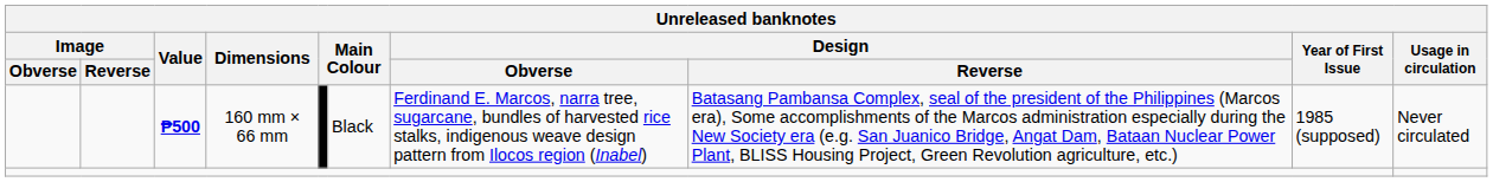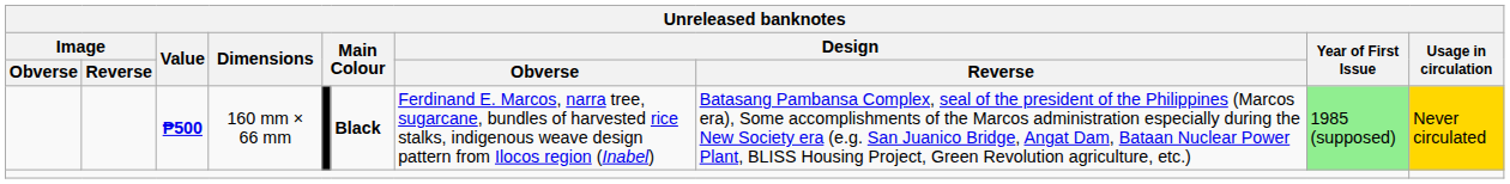 <table class="wikitable" style="margin:auto; font-size:90%;">
 <tr>
 <th colspan="10">Unreleased banknotes</th>
 </tr>
 <tr>
 <th colspan="2">Image</th>
 <th rowspan="2">Value</th>
 <th rowspan="2">Dimensions</th>
 <th colspan="2" rowspan="2">Main Colour</th>
 <th colspan="2">Design</th>
 <th rowspan="2"><small>Year of First Issue</small></th>
 <th rowspan="2"><small>Usage in circulation</small></th>
 </tr>
 <tr>
 <th>Obverse</th>
 <th>Reverse</th>
 <th>Obverse</th>
 <th>Reverse</th>
 </tr>
 <tr style="height:62px">
 <td style="text-align:center;"></td>
 <td style="text-align:center;"></td>
 <td style="text-align:center;"><strong><a href='#'>₱500</a></strong><span></span></td>
 <td style="text-align:center;">160 mm × 66 mm</td>
 <td style="text-align:center; background:#000000;"></td>
-<td>Black</td>
+<td><strong>Black</strong></td>
 <td><a href='#'>Ferdinand E. Marcos</a>, <a href='#'>narra</a> tree, <a href='#'>sugarcane</a>, bundles of harvested <a href='#'>rice</a> stalks, indigenous weave design pattern from <a href='#'>Ilocos region</a> (<em><a href='#'>Inabel</a></em>)</td>
 <td><a href='#'>Batasang Pambansa Complex</a>, <a href='#'>seal of the president of the Philippines</a> (Marcos era), Some accomplishments of the Marcos administration especially during the <a href='#'>New Society era</a> (e.g. <a href='#'>San Juanico Bridge</a>, <a href='#'>Angat Dam</a>, <a href='#'>Bataan Nuclear Power Plant</a>, BLISS Housing Project, Green Revolution agriculture, etc.)</td>
-<td>1985 (supposed)</td>
-<td>Never circulated</td>
+<td style="background: lightgreen;">1985 (supposed)</td>
+<td style="background: gold;">Never circulated</td>
 </tr>
 <tr>
 <td colspan="9"></td>
 </tr>
 </table>
